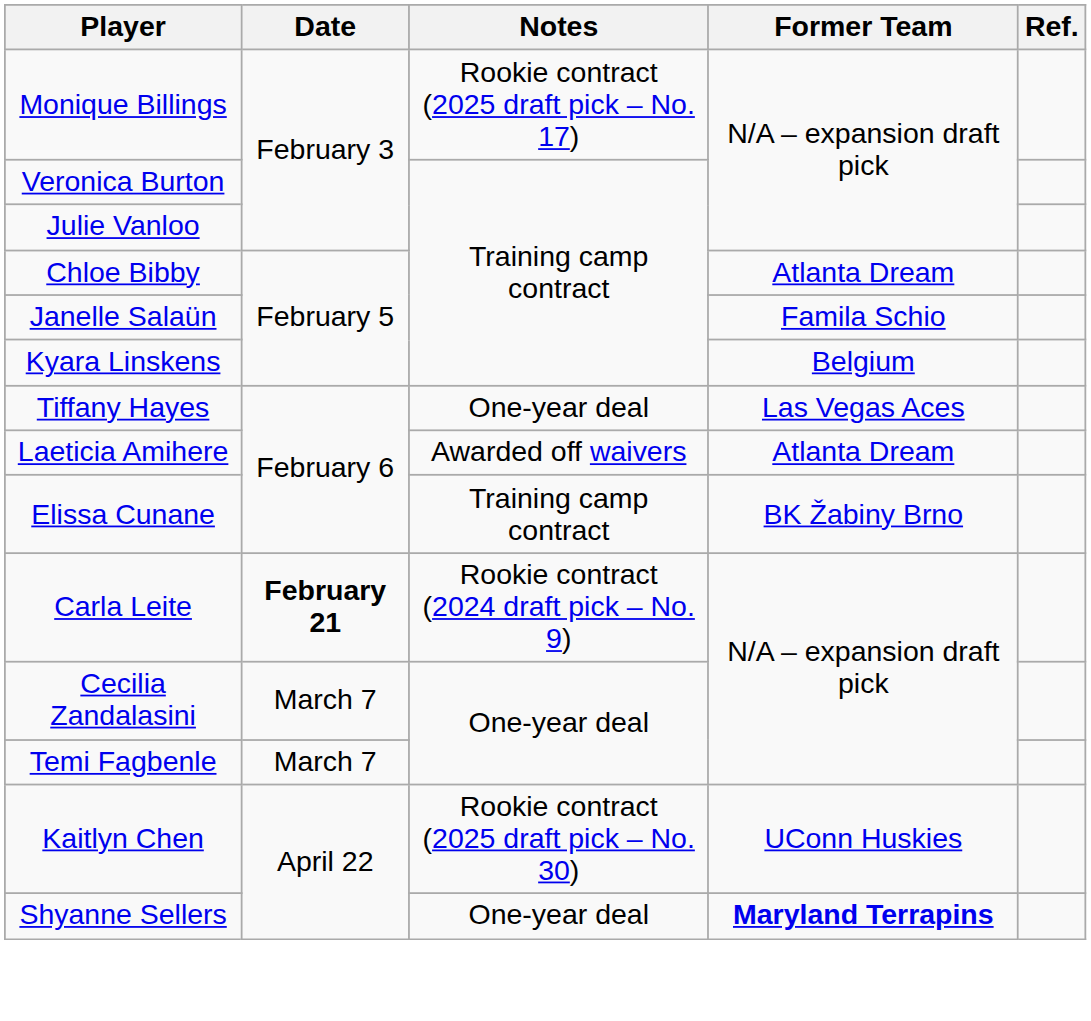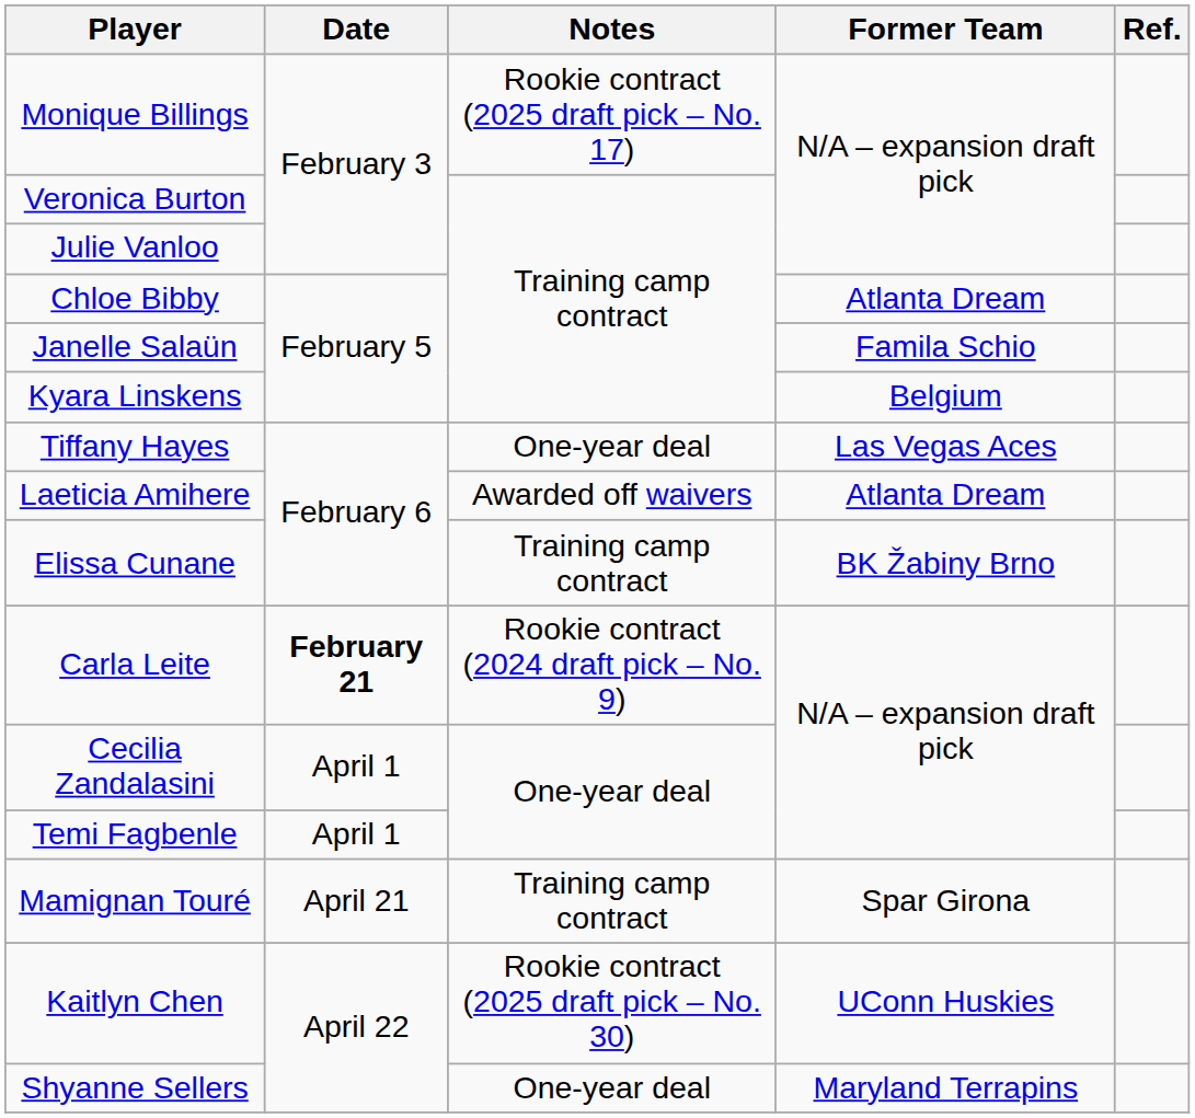 <table class="wikitable sortable sortable" style="text-align: center">
 <tr>
 <th>Player</th>
 <th>Date</th>
 <th>Notes</th>
 <th>Former Team</th>
 <th>Ref.</th>
 </tr>
 <tr>
 <td><a href='#'>Monique Billings</a></td>
 <td rowspan=3>February 3</td>
 <td>Rookie contract<br>(<a href='#'>2025 draft pick – No. 17</a>)</td>
 <td rowspan=3>N/A – expansion draft pick</td>
 <td></td>
 </tr>
 <tr>
 <td><a href='#'>Veronica Burton</a></td>
 <td rowspan=5>Training camp contract</td>
 <td></td>
 </tr>
 <tr>
 <td><a href='#'>Julie Vanloo</a></td>
 <td></td>
 </tr>
 <tr>
 <td><a href='#'>Chloe Bibby</a></td>
 <td rowspan=3>February 5</td>
 <td><a href='#'>Atlanta Dream</a></td>
 <td></td>
 </tr>
 <tr>
 <td><a href='#'>Janelle Salaün</a></td>
 <td><a href='#'>Famila Schio</a></td>
 <td></td>
 </tr>
 <tr>
 <td><a href='#'>Kyara Linskens</a></td>
 <td><a href='#'>Belgium</a></td>
 <td></td>
 </tr>
 <tr>
 <td><a href='#'>Tiffany Hayes</a></td>
 <td rowspan=3>February 6</td>
 <td>One-year deal</td>
 <td><a href='#'>Las Vegas Aces</a></td>
 <td></td>
 </tr>
 <tr>
 <td><a href='#'>Laeticia Amihere</a></td>
 <td>Awarded off <a href='#'>waivers</a></td>
 <td><a href='#'>Atlanta Dream</a></td>
 <td></td>
 </tr>
 <tr>
 <td><a href='#'>Elissa Cunane</a></td>
 <td>Training camp contract</td>
 <td><a href='#'>BK Žabiny Brno</a></td>
 <td></td>
 </tr>
 <tr>
 <td><a href='#'>Carla Leite</a></td>
 <td><strong>February 21</strong></td>
 <td>Rookie contract<br>(<a href='#'>2024 draft pick – No. 9</a>)</td>
 <td rowspan=3>N/A – expansion draft pick</td>
 <td></td>
 </tr>
 <tr>
 <td><a href='#'>Cecilia Zandalasini</a></td>
-<td>March 7</td>
+<td>April 1</td>
 <td rowspan=2>One-year deal</td>
 <td></td>
 </tr>
 <tr>
 <td><a href='#'>Temi Fagbenle</a></td>
-<td>March 7</td>
+<td>April 1</td>
+<td></td>
+</tr>
+<tr>
+<td><a href='#'>Mamignan Touré</a></td>
+<td>April 21</td>
+<td>Training camp contract</td>
+<td>Spar Girona</td>
 <td></td>
 </tr>
 <tr>
 <td><a href='#'>Kaitlyn Chen</a></td>
 <td rowspan=2>April 22</td>
 <td>Rookie contract<br>(<a href='#'>2025 draft pick – No. 30</a>)</td>
 <td><a href='#'>UConn Huskies</a></td>
 <td></td>
 </tr>
 <tr>
 <td><a href='#'>Shyanne Sellers</a></td>
 <td>One-year deal</td>
-<td><strong><a href='#'>Maryland Terrapins</a></strong></td>
+<td><a href='#'>Maryland Terrapins</a></td>
 <td></td>
 </tr>
 </table>
